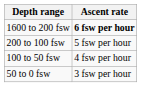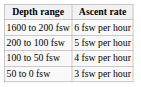 <table class="wikitable">
 <tr>
 <th>Depth range</th>
 <th>Ascent rate</th>
 </tr>
 <tr>
 <td>1600 to 200 fsw</td>
-<td><strong>6 fsw per hour</strong></td>
+<td>6 fsw per hour</td>
 </tr>
 <tr>
 <td>200 to 100 fsw</td>
 <td>5 fsw per hour</td>
 </tr>
 <tr>
 <td>100 to 50 fsw</td>
 <td>4 fsw per hour</td>
 </tr>
 <tr>
 <td>50 to 0 fsw</td>
 <td>3 fsw per hour</td>
 </tr>
 </table>
